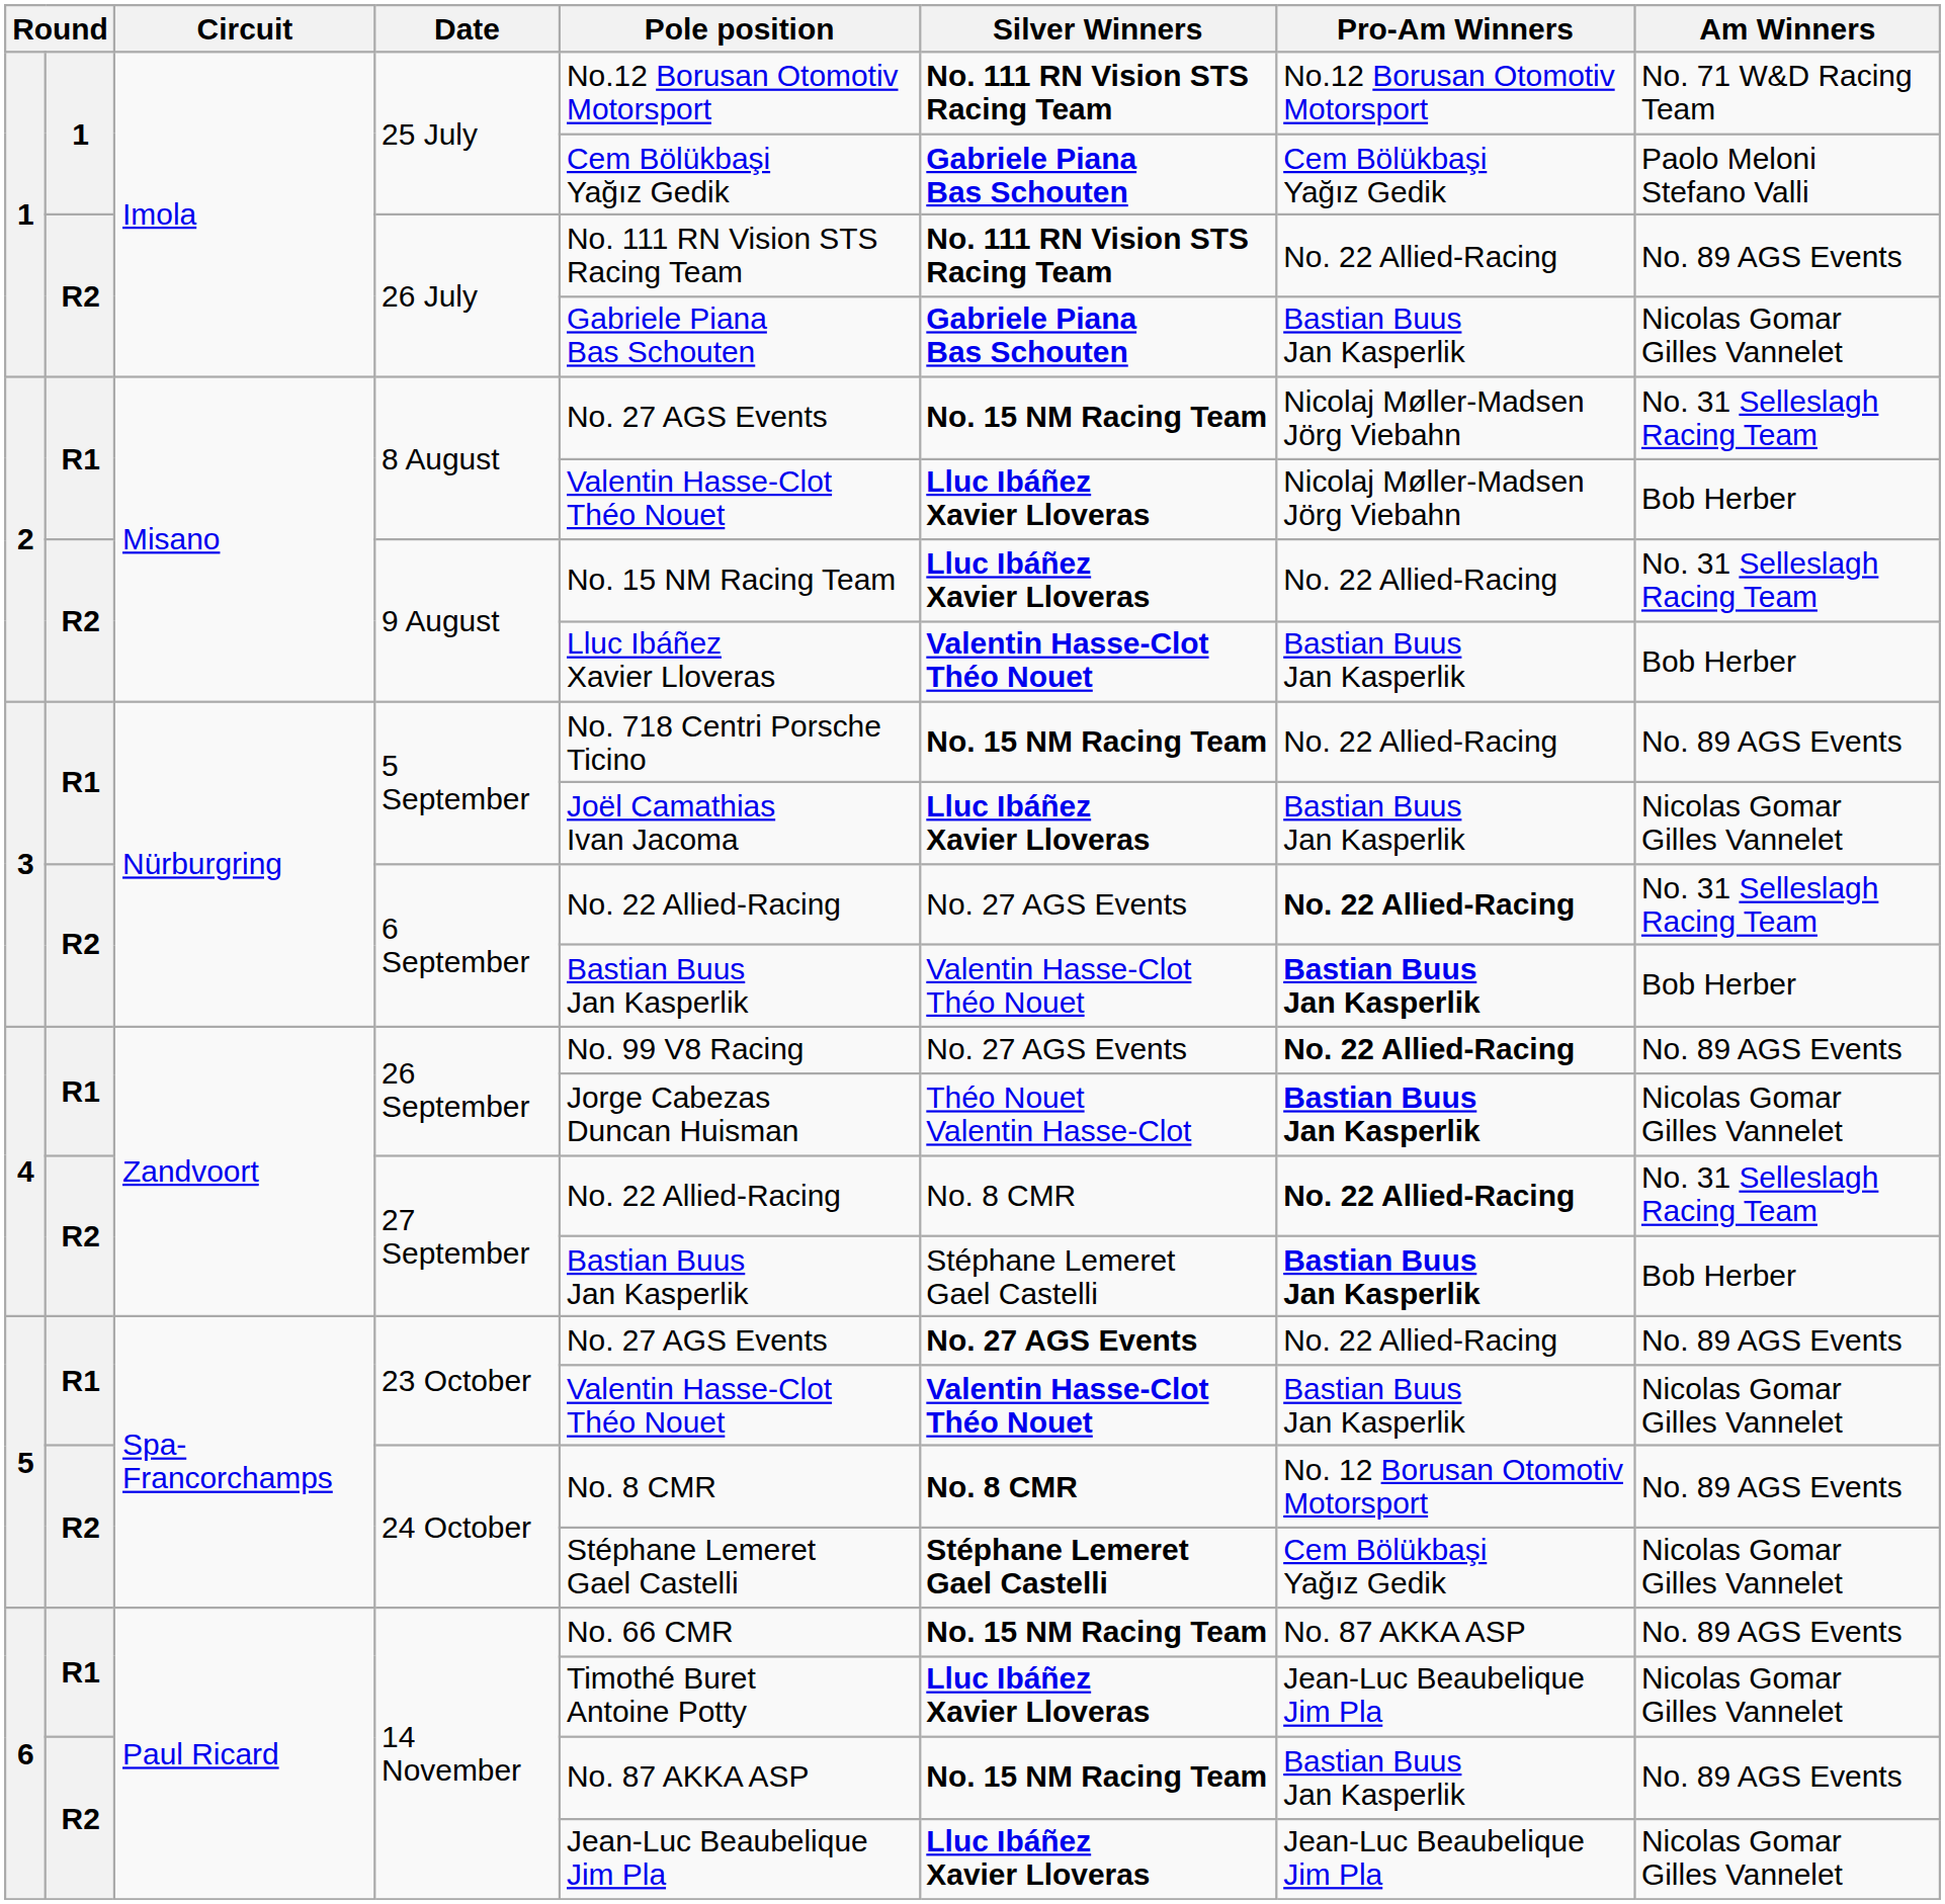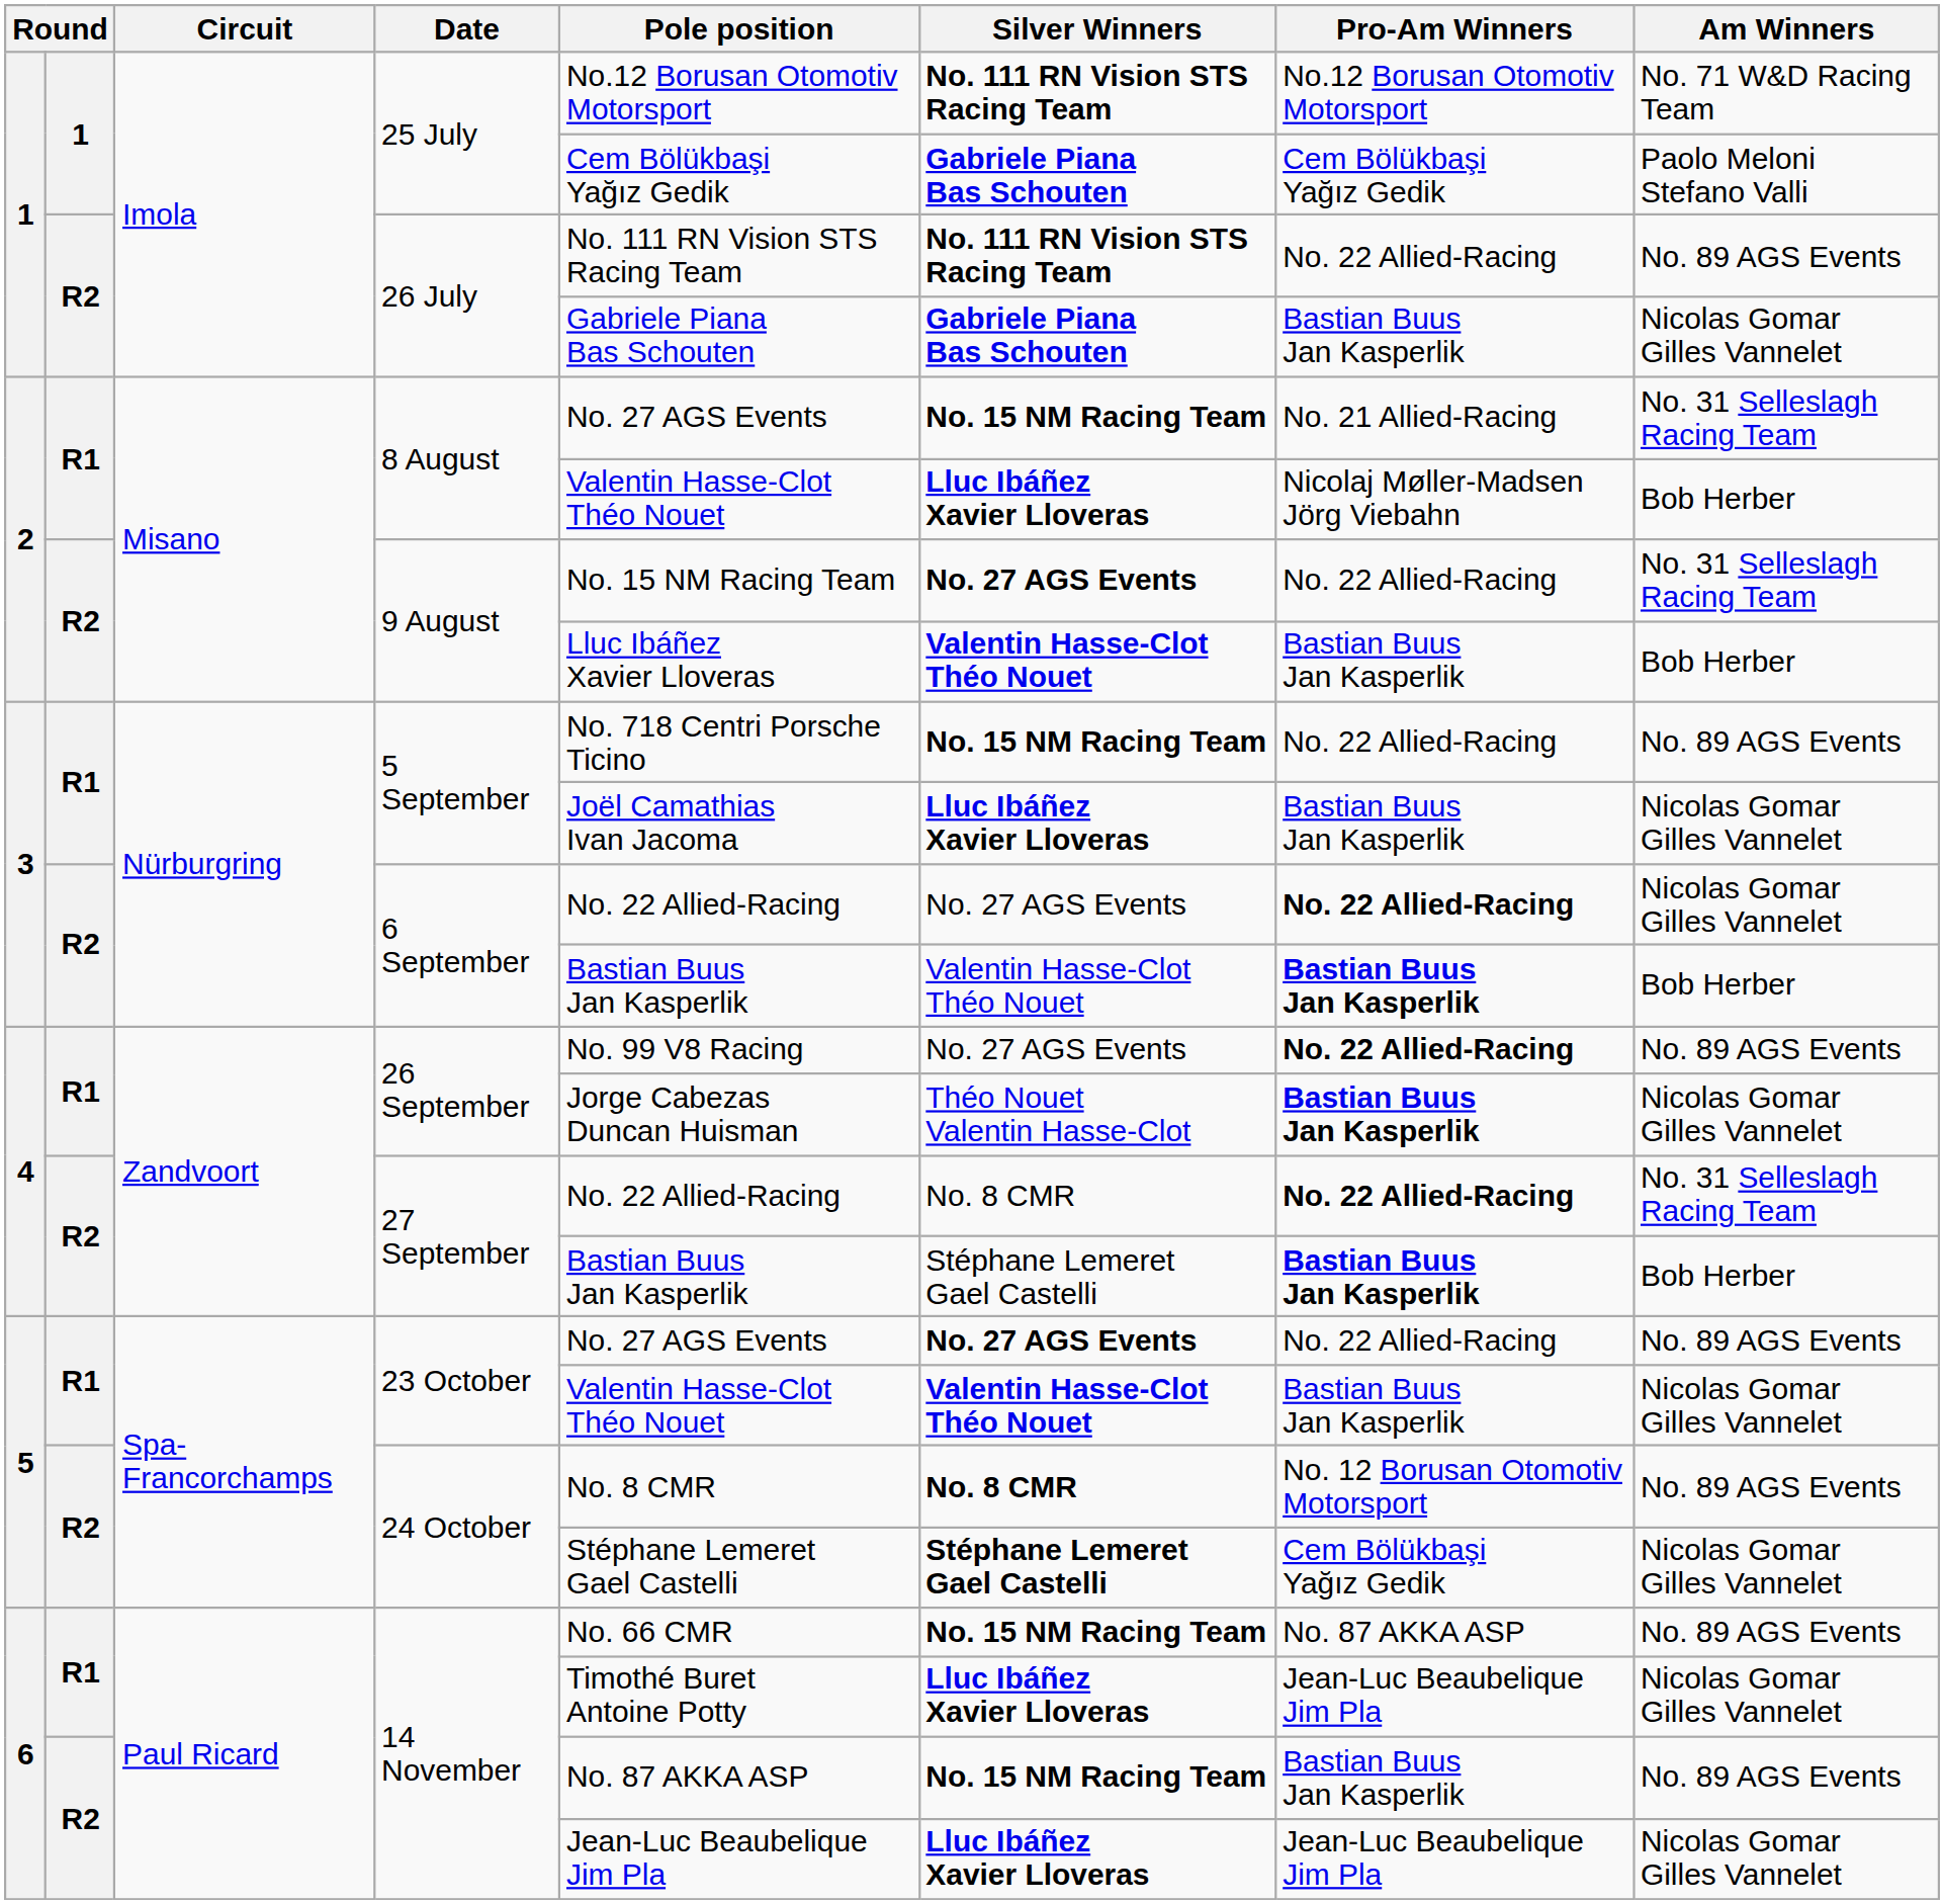 <table class="wikitable" style="font-size:85%;">
 <tr>
 <th colspan=2>Round</th>
 <th>Circuit</th>
 <th>Date</th>
 <th>Pole position</th>
 <th>Silver Winners</th>
 <th>Pro-Am Winners</th>
 <th>Am Winners</th>
 </tr>
 <tr>
 <th rowspan=4>1</th>
 <th rowspan=2>1</th>
 <td rowspan=4> <a href='#'>Imola</a></td>
 <td rowspan=2>25 July</td>
 <td> No.12 <a href='#'>Borusan Otomotiv Motorsport</a></td>
 <td><strong> No. 111 RN Vision STS Racing Team</strong></td>
 <td> No.12 <a href='#'>Borusan Otomotiv Motorsport</a></td>
 <td> No. 71 W&D Racing Team</td>
 </tr>
 <tr>
 <td> <a href='#'>Cem Bölükbaşi</a><br> Yağız Gedik</td>
 <td><strong> <a href='#'>Gabriele Piana</a><br> <a href='#'>Bas Schouten</a></strong></td>
 <td> <a href='#'>Cem Bölükbaşi</a><br> Yağız Gedik</td>
 <td> Paolo Meloni<br> Stefano Valli</td>
 </tr>
 <tr>
 <th rowspan=2>R2</th>
 <td rowspan=2>26 July</td>
 <td> No. 111 RN Vision STS Racing Team</td>
 <td><strong> No. 111 RN Vision STS Racing Team</strong></td>
 <td> No. 22 Allied-Racing</td>
 <td> No. 89 AGS Events</td>
 </tr>
 <tr>
 <td> <a href='#'>Gabriele Piana</a><br> <a href='#'>Bas Schouten</a></td>
 <td><strong> <a href='#'>Gabriele Piana</a><br> <a href='#'>Bas Schouten</a></strong></td>
 <td> <a href='#'>Bastian Buus</a><br> Jan Kasperlik</td>
 <td> Nicolas Gomar<br> Gilles Vannelet</td>
 </tr>
 <tr>
 <th rowspan=4>2</th>
 <th rowspan=2>R1</th>
 <td rowspan=4> <a href='#'>Misano</a></td>
 <td rowspan=2>8 August</td>
 <td> No. 27 AGS Events</td>
 <td><strong> No. 15 NM Racing Team</strong></td>
-<td> Nicolaj Møller-Madsen<br> Jörg Viebahn</td>
+<td> No. 21 Allied-Racing</td>
 <td> No. 31 <a href='#'>Selleslagh Racing Team</a></td>
 </tr>
 <tr>
 <td> <a href='#'>Valentin Hasse-Clot</a><br> <a href='#'>Théo Nouet</a></td>
 <td><strong> <a href='#'>Lluc Ibáñez</a><br> Xavier Lloveras</strong></td>
 <td> Nicolaj Møller-Madsen<br> Jörg Viebahn</td>
 <td> Bob Herber</td>
 </tr>
 <tr>
 <th rowspan=2>R2</th>
 <td rowspan=2>9 August</td>
 <td> No. 15 NM Racing Team</td>
-<td><strong> <a href='#'>Lluc Ibáñez</a><br> Xavier Lloveras</strong></td>
+<td><strong> No. 27 AGS Events</strong></td>
 <td> No. 22 Allied-Racing</td>
 <td> No. 31 <a href='#'>Selleslagh Racing Team</a></td>
 </tr>
 <tr>
 <td> <a href='#'>Lluc Ibáñez</a><br> Xavier Lloveras</td>
 <td><strong> <a href='#'>Valentin Hasse-Clot</a><br> <a href='#'>Théo Nouet</a></strong></td>
 <td> <a href='#'>Bastian Buus</a><br> Jan Kasperlik</td>
 <td> Bob Herber</td>
 </tr>
 <tr>
 <th rowspan=4>3</th>
 <th rowspan=2>R1</th>
 <td rowspan=4> <a href='#'>Nürburgring</a></td>
 <td rowspan=2>5 September</td>
 <td> No. 718 Centri Porsche Ticino</td>
 <td><strong> No. 15 NM Racing Team</strong></td>
 <td> No. 22 Allied-Racing</td>
 <td> No. 89 AGS Events</td>
 </tr>
 <tr>
 <td> <a href='#'>Joël Camathias</a><br> Ivan Jacoma</td>
 <td><strong> <a href='#'>Lluc Ibáñez</a><br> Xavier Lloveras</strong></td>
 <td> <a href='#'>Bastian Buus</a><br> Jan Kasperlik</td>
 <td> Nicolas Gomar<br> Gilles Vannelet</td>
 </tr>
 <tr>
 <th rowspan=2>R2</th>
 <td rowspan=2>6 September</td>
 <td> No. 22 Allied-Racing</td>
 <td> No. 27 AGS Events</td>
 <td><strong> No. 22 Allied-Racing</strong></td>
-<td> No. 31 <a href='#'>Selleslagh Racing Team</a></td>
+<td> Nicolas Gomar<br> Gilles Vannelet</td>
 </tr>
 <tr>
 <td> <a href='#'>Bastian Buus</a><br> Jan Kasperlik</td>
 <td> <a href='#'>Valentin Hasse-Clot</a><br> <a href='#'>Théo Nouet</a></td>
 <td><strong> <a href='#'>Bastian Buus</a><br> Jan Kasperlik</strong></td>
 <td> Bob Herber</td>
 </tr>
 <tr>
 <th rowspan=4>4</th>
 <th rowspan=2>R1</th>
 <td rowspan=4> <a href='#'>Zandvoort</a></td>
 <td rowspan=2>26 September</td>
 <td> No. 99 V8 Racing</td>
 <td> No. 27 AGS Events</td>
 <td><strong> No. 22 Allied-Racing</strong></td>
 <td> No. 89 AGS Events</td>
 </tr>
 <tr>
 <td> Jorge Cabezas<br> Duncan Huisman</td>
 <td> <a href='#'>Théo Nouet</a><br> <a href='#'>Valentin Hasse-Clot</a></td>
 <td><strong> <a href='#'>Bastian Buus</a><br> Jan Kasperlik</strong></td>
 <td> Nicolas Gomar<br> Gilles Vannelet</td>
 </tr>
 <tr>
 <th rowspan=2>R2</th>
 <td rowspan=2>27 September</td>
 <td> No. 22 Allied-Racing</td>
 <td> No. 8 CMR</td>
 <td><strong> No. 22 Allied-Racing</strong></td>
 <td> No. 31 <a href='#'>Selleslagh Racing Team</a></td>
 </tr>
 <tr>
 <td> <a href='#'>Bastian Buus</a><br> Jan Kasperlik</td>
 <td> Stéphane Lemeret<br> Gael Castelli</td>
 <td><strong> <a href='#'>Bastian Buus</a><br> Jan Kasperlik</strong></td>
 <td> Bob Herber</td>
 </tr>
 <tr>
 <th rowspan=4>5</th>
 <th rowspan=2>R1</th>
 <td rowspan=4> <a href='#'>Spa-Francorchamps</a></td>
 <td rowspan=2>23 October</td>
 <td> No. 27 AGS Events</td>
 <td><strong> No. 27 AGS Events</strong></td>
 <td> No. 22 Allied-Racing</td>
 <td> No. 89 AGS Events</td>
 </tr>
 <tr>
 <td> <a href='#'>Valentin Hasse-Clot</a><br> <a href='#'>Théo Nouet</a></td>
 <td><strong> <a href='#'>Valentin Hasse-Clot</a><br> <a href='#'>Théo Nouet</a></strong></td>
 <td> <a href='#'>Bastian Buus</a><br> Jan Kasperlik</td>
 <td> Nicolas Gomar<br> Gilles Vannelet</td>
 </tr>
 <tr>
 <th rowspan=2>R2</th>
 <td rowspan=2>24 October</td>
 <td> No. 8 CMR</td>
 <td><strong> No. 8 CMR</strong></td>
 <td> No. 12 <a href='#'>Borusan Otomotiv Motorsport</a></td>
 <td> No. 89 AGS Events</td>
 </tr>
 <tr>
 <td> Stéphane Lemeret<br> Gael Castelli</td>
 <td><strong> Stéphane Lemeret<br> Gael Castelli</strong></td>
 <td> <a href='#'>Cem Bölükbaşi</a><br> Yağız Gedik</td>
 <td> Nicolas Gomar<br> Gilles Vannelet</td>
 </tr>
 <tr>
 <th rowspan=4>6</th>
 <th rowspan=2>R1</th>
 <td rowspan=4> <a href='#'>Paul Ricard</a></td>
 <td rowspan=4>14 November</td>
 <td> No. 66 CMR</td>
 <td><strong> No. 15 NM Racing Team</strong></td>
 <td> No. 87 AKKA ASP</td>
 <td> No. 89 AGS Events</td>
 </tr>
 <tr>
 <td> Timothé Buret<br> Antoine Potty</td>
 <td><strong> <a href='#'>Lluc Ibáñez</a><br> Xavier Lloveras</strong></td>
 <td> Jean-Luc Beaubelique<br> <a href='#'>Jim Pla</a></td>
 <td> Nicolas Gomar<br> Gilles Vannelet</td>
 </tr>
 <tr>
 <th rowspan=2>R2</th>
 <td> No. 87 AKKA ASP</td>
 <td><strong> No. 15 NM Racing Team</strong></td>
 <td> <a href='#'>Bastian Buus</a><br> Jan Kasperlik</td>
 <td> No. 89 AGS Events</td>
 </tr>
 <tr>
 <td> Jean-Luc Beaubelique<br> <a href='#'>Jim Pla</a></td>
 <td><strong> <a href='#'>Lluc Ibáñez</a><br> Xavier Lloveras</strong></td>
 <td> Jean-Luc Beaubelique<br> <a href='#'>Jim Pla</a></td>
 <td> Nicolas Gomar<br> Gilles Vannelet</td>
 </tr>
 </table>
